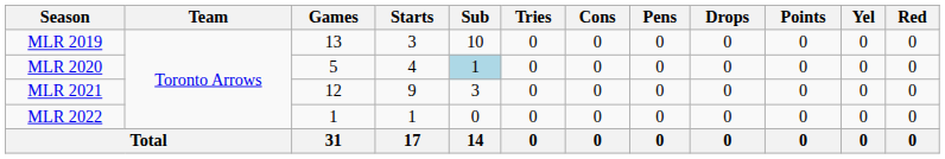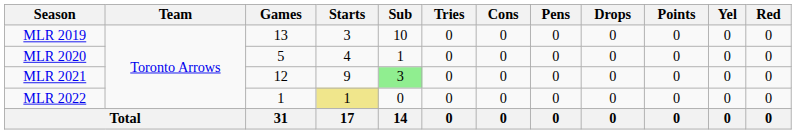 <table class="wikitable" style="text-align:center; line-height:100%; font-size:100%; width:70%;">
 <tr>
 <th>Season</th>
 <th>Team</th>
 <th>Games</th>
 <th>Starts</th>
 <th>Sub</th>
 <th>Tries</th>
 <th>Cons</th>
 <th>Pens</th>
 <th>Drops</th>
 <th>Points</th>
 <th>Yel</th>
 <th>Red</th>
 </tr>
 <tr>
 <td><a href='#'>MLR 2019</a></td>
 <td rowspan="4"><a href='#'>Toronto Arrows</a></td>
 <td>13</td>
 <td>3</td>
 <td>10</td>
 <td>0</td>
 <td>0</td>
 <td>0</td>
 <td>0</td>
 <td>0</td>
 <td>0</td>
 <td>0</td>
 </tr>
 <tr>
 <td><a href='#'>MLR 2020</a></td>
 <td>5</td>
 <td>4</td>
-<td style="background: lightblue;">1</td>
+<td>1</td>
 <td>0</td>
 <td>0</td>
 <td>0</td>
 <td>0</td>
 <td>0</td>
 <td>0</td>
 <td>0</td>
 </tr>
 <tr>
 <td><a href='#'>MLR 2021</a></td>
 <td>12</td>
 <td>9</td>
-<td>3</td>
+<td style="background: lightgreen;">3</td>
 <td>0</td>
 <td>0</td>
 <td>0</td>
 <td>0</td>
 <td>0</td>
 <td>0</td>
 <td>0</td>
 </tr>
 <tr>
 <td><a href='#'>MLR 2022</a></td>
 <td>1</td>
-<td>1</td>
+<td style="background: khaki;">1</td>
 <td>0</td>
 <td>0</td>
 <td>0</td>
 <td>0</td>
 <td>0</td>
 <td>0</td>
 <td>0</td>
 <td>0</td>
 </tr>
 <tr>
 <th colspan="2">Total</th>
 <th>31</th>
 <th>17</th>
 <th>14</th>
 <th>0</th>
 <th>0</th>
 <th>0</th>
 <th>0</th>
 <th>0</th>
 <th>0</th>
 <th>0</th>
 </tr>
 </table>
